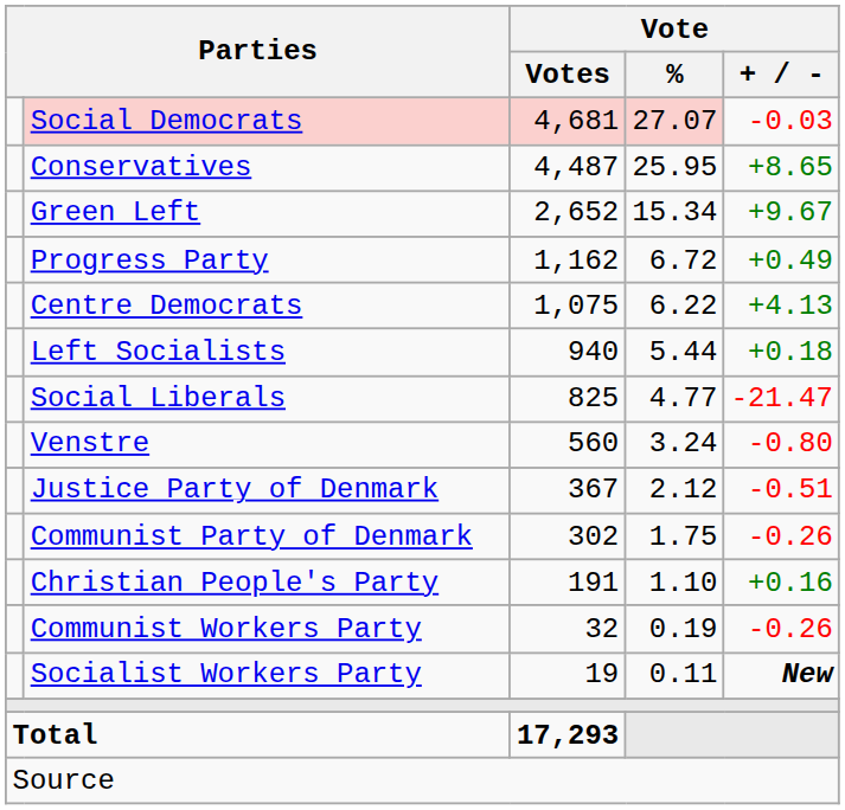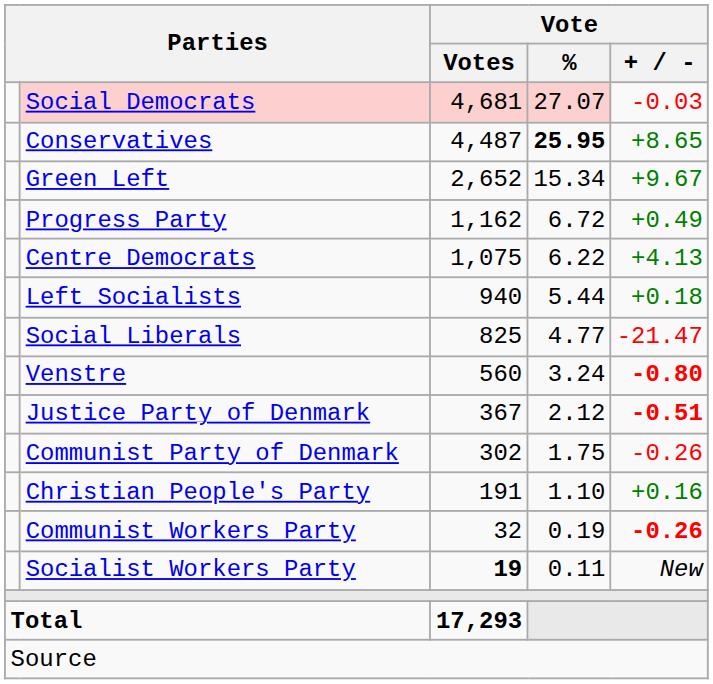 <table class="wikitable" style="text-align:right;">
 <tr>
 <th style="text-align:centre;" rowspan="2" colspan="2" width="225">Parties</th>
 <th colspan="3">Vote</th>
 </tr>
 <tr>
 <th width="15">Votes</th>
 <th width="15">%</th>
 <th width="15">+ / -</th>
 </tr>
 <tr>
 <td width="2" style="color:inherit;background:"></td>
 <td bgcolor=#fbd0ce  align="left"><a href='#'>Social Democrats</a></td>
 <td bgcolor=#fbd0ce>4,681</td>
 <td bgcolor=#fbd0ce>27.07</td>
 <td style=color:red;>-0.03</td>
 </tr>
 <tr>
 <td width="2" style="color:inherit;background:"></td>
 <td align="left"><a href='#'>Conservatives</a></td>
 <td>4,487</td>
-<td>25.95</td>
+<td><strong>25.95</strong></td>
 <td style=color:green;>+8.65</td>
 </tr>
 <tr>
 <td width="2" style="color:inherit;background:"></td>
 <td align="left"><a href='#'>Green Left</a></td>
 <td>2,652</td>
 <td>15.34</td>
 <td style=color:green;>+9.67</td>
 </tr>
 <tr>
 <td width="2" style="color:inherit;background:"></td>
 <td align="left"><a href='#'>Progress Party</a></td>
 <td>1,162</td>
 <td>6.72</td>
 <td style=color:green;>+0.49</td>
 </tr>
 <tr>
 <td width="2" style="color:inherit;background:"></td>
 <td align="left"><a href='#'>Centre Democrats</a></td>
 <td>1,075</td>
 <td>6.22</td>
 <td style=color:green;>+4.13</td>
 </tr>
 <tr>
 <td width="2" style="color:inherit;background:"></td>
 <td align="left"><a href='#'>Left Socialists</a></td>
 <td>940</td>
 <td>5.44</td>
 <td style=color:green;>+0.18</td>
 </tr>
 <tr>
 <td width="2" style="color:inherit;background:"></td>
 <td align="left"><a href='#'>Social Liberals</a></td>
 <td>825</td>
 <td>4.77</td>
 <td style=color:red;>-21.47</td>
 </tr>
 <tr>
 <td width="2" style="color:inherit;background:"></td>
 <td align="left"><a href='#'>Venstre</a></td>
 <td>560</td>
 <td>3.24</td>
-<td style=color:red;>-0.80</td>
+<td style=color:red;><strong>-0.80</strong></td>
 </tr>
 <tr>
 <td width="2" style="color:inherit;background:"></td>
 <td align="left"><a href='#'>Justice Party of Denmark</a></td>
 <td>367</td>
 <td>2.12</td>
-<td style=color:red;>-0.51</td>
+<td style=color:red;><strong>-0.51</strong></td>
 </tr>
 <tr>
 <td width="2" style="color:inherit;background:"></td>
 <td align="left"><a href='#'>Communist Party of Denmark</a></td>
 <td>302</td>
 <td>1.75</td>
 <td style=color:red;>-0.26</td>
 </tr>
 <tr>
 <td width="2" style="color:inherit;background:"></td>
 <td align="left"><a href='#'>Christian People's Party</a></td>
 <td>191</td>
 <td>1.10</td>
 <td style=color:green;>+0.16</td>
 </tr>
 <tr>
 <td width="2" style="color:inherit;background:"></td>
 <td align="left"><a href='#'>Communist Workers Party</a></td>
 <td>32</td>
 <td>0.19</td>
-<td style=color:red;>-0.26</td>
+<td style=color:red;><strong>-0.26</strong></td>
 </tr>
 <tr>
 <td width="2" style="color:inherit;background:"></td>
 <td align="left"><a href='#'>Socialist Workers Party</a></td>
-<td>19</td>
+<td><strong>19</strong></td>
 <td>0.11</td>
-<td><strong><em>New</em></strong></td>
+<td><em>New</em></td>
 </tr>
 <tr>
 <td colspan="7" bgcolor="#E9E9E9"></td>
 </tr>
 <tr>
 <td align="left" colspan="2"><strong>Total</strong></td>
 <td><strong>17,293</strong></td>
 <td bgcolor="#E9E9E9" colspan="2"></td>
 </tr>
 <tr>
 <td align="left" colspan="6">Source</td>
 </tr>
 </table>
